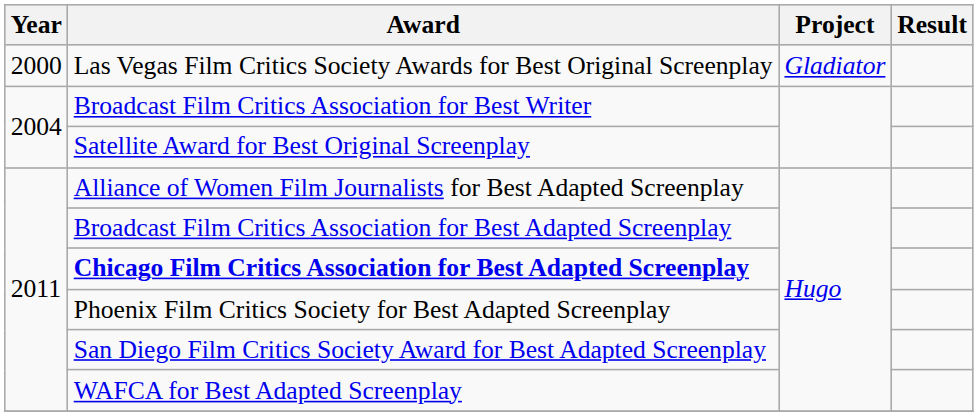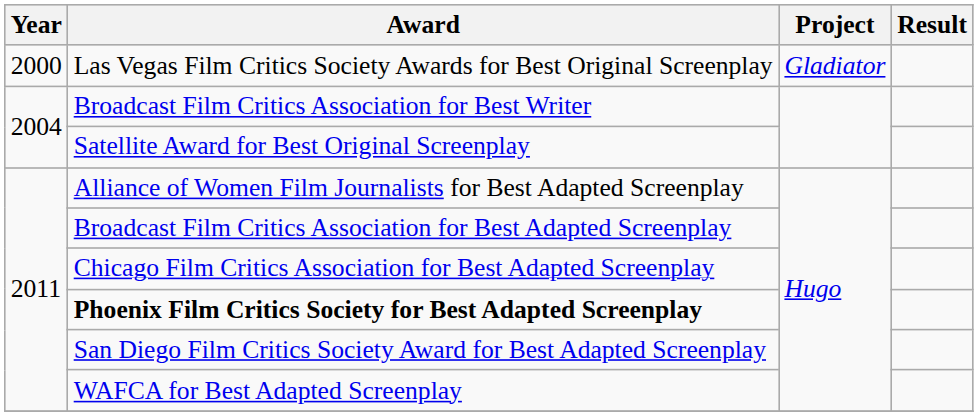 <table class="wikitable plainrowheaders">
 <tr>
 <th>Year</th>
 <th>Award</th>
 <th>Project</th>
 <th>Result</th>
 </tr>
 <tr>
 <td>2000</td>
 <td>Las Vegas Film Critics Society Awards for Best Original Screenplay</td>
 <td><em><a href='#'>Gladiator</a></em></td>
 <td></td>
 </tr>
 <tr>
 <td rowspan=2>2004</td>
 <td><a href='#'>Broadcast Film Critics Association for Best Writer</a></td>
 <td rowspan=2><em></em></td>
 <td></td>
 </tr>
 <tr>
 <td><a href='#'>Satellite Award for Best Original Screenplay</a></td>
 <td></td>
 </tr>
 <tr>
 <td rowspan=6>2011</td>
 <td><a href='#'>Alliance of Women Film Journalists</a> for Best Adapted Screenplay</td>
 <td rowspan=6><em><a href='#'>Hugo</a></em></td>
 <td></td>
 </tr>
 <tr>
 <td><a href='#'>Broadcast Film Critics Association for Best Adapted Screenplay</a></td>
 <td></td>
 </tr>
 <tr>
-<td><strong><a href='#'>Chicago Film Critics Association for Best Adapted Screenplay</a></strong></td>
+<td><a href='#'>Chicago Film Critics Association for Best Adapted Screenplay</a></td>
 <td></td>
 </tr>
 <tr>
-<td>Phoenix Film Critics Society for Best Adapted Screenplay</td>
+<td><strong>Phoenix Film Critics Society for Best Adapted Screenplay</strong></td>
 <td></td>
 </tr>
 <tr>
 <td><a href='#'>San Diego Film Critics Society Award for Best Adapted Screenplay</a></td>
 <td></td>
 </tr>
 <tr>
 <td><a href='#'>WAFCA for Best Adapted Screenplay</a></td>
 <td></td>
 </tr>
 <tr>
 </tr>
 </table>
